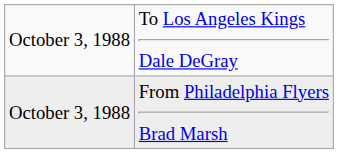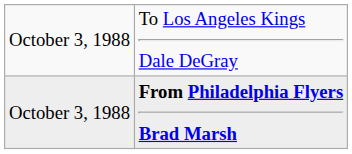 <table class="wikitable">
 <tr>
 <td>October 3, 1988</td>
 <td valign="top">To <a href='#'>Los Angeles Kings</a><hr><a href='#'>Dale DeGray</a></td>
 </tr>
 <tr bgcolor="#eeeeee">
 <td>October 3, 1988</td>
-<td valign="top">From <a href='#'>Philadelphia Flyers</a><hr><a href='#'>Brad Marsh</a></td>
+<td valign="top"><strong>From <a href='#'>Philadelphia Flyers</a><hr><a href='#'>Brad Marsh</a></strong></td>
 </tr>
 </table>
